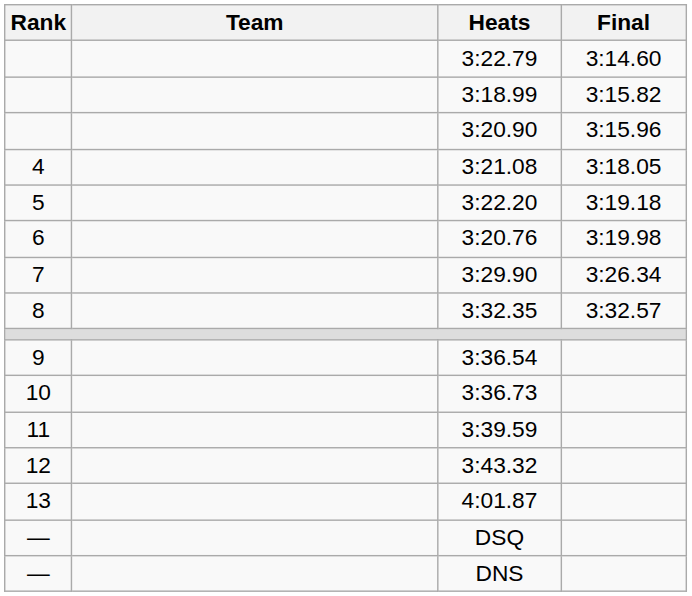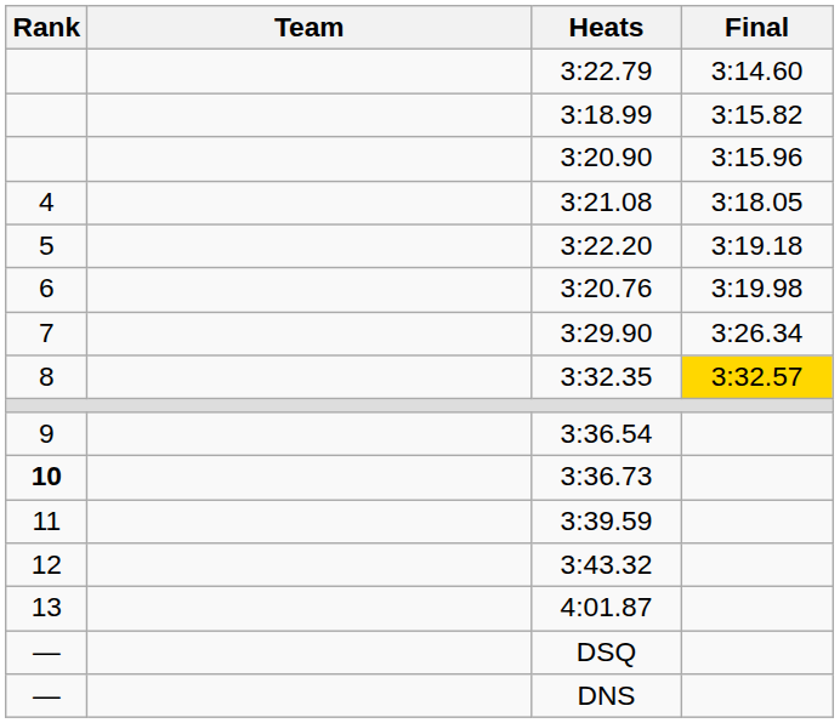 <table class=wikitable style="text-align:center">
 <tr>
 <th width=40>Rank</th>
 <th width=250>Team</th>
 <th width=80>Heats</th>
 <th width=80>Final</th>
 </tr>
 <tr>
 <td></td>
 <td align=left></td>
 <td>3:22.79</td>
 <td>3:14.60</td>
 </tr>
 <tr>
 <td></td>
 <td align=left></td>
 <td>3:18.99</td>
 <td>3:15.82</td>
 </tr>
 <tr>
 <td></td>
 <td align=left></td>
 <td>3:20.90</td>
 <td>3:15.96</td>
 </tr>
 <tr>
 <td>4</td>
 <td align=left></td>
 <td>3:21.08</td>
 <td>3:18.05</td>
 </tr>
 <tr>
 <td>5</td>
 <td align=left></td>
 <td>3:22.20</td>
 <td>3:19.18</td>
 </tr>
 <tr>
 <td>6</td>
 <td align=left></td>
 <td>3:20.76</td>
 <td>3:19.98</td>
 </tr>
 <tr>
 <td>7</td>
 <td align=left></td>
 <td>3:29.90</td>
 <td>3:26.34</td>
 </tr>
 <tr>
 <td>8</td>
 <td align=left></td>
 <td>3:32.35</td>
-<td>3:32.57</td>
+<td style="background: gold;">3:32.57</td>
 </tr>
 <tr bgcolor=#DDDDDD>
 <td colspan=4></td>
 </tr>
 <tr>
 <td>9</td>
 <td align=left></td>
 <td>3:36.54</td>
 <td></td>
 </tr>
 <tr>
-<td>10</td>
+<td><strong>10</strong></td>
 <td align=left></td>
 <td>3:36.73</td>
 <td></td>
 </tr>
 <tr>
 <td>11</td>
 <td align=left></td>
 <td>3:39.59</td>
 <td></td>
 </tr>
 <tr>
 <td>12</td>
 <td align=left></td>
 <td>3:43.32</td>
 <td></td>
 </tr>
 <tr>
 <td>13</td>
 <td align=left></td>
 <td>4:01.87</td>
 <td></td>
 </tr>
 <tr>
 <td>—</td>
 <td align=left></td>
 <td>DSQ</td>
 <td></td>
 </tr>
 <tr>
 <td>—</td>
 <td align=left></td>
 <td>DNS</td>
 <td></td>
 </tr>
 </table>
